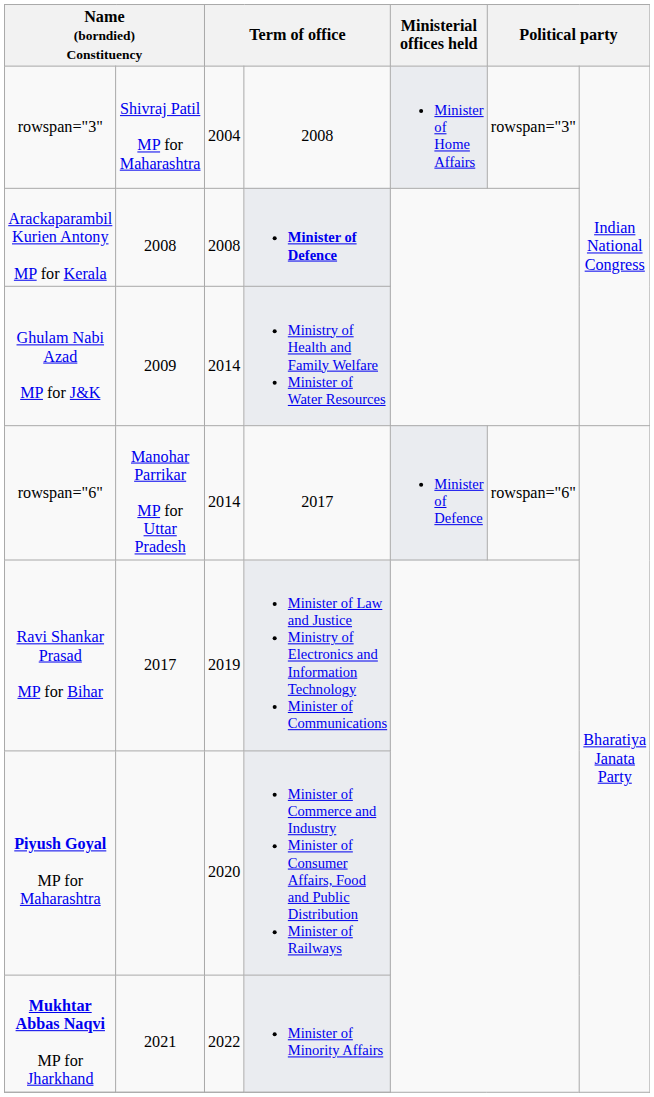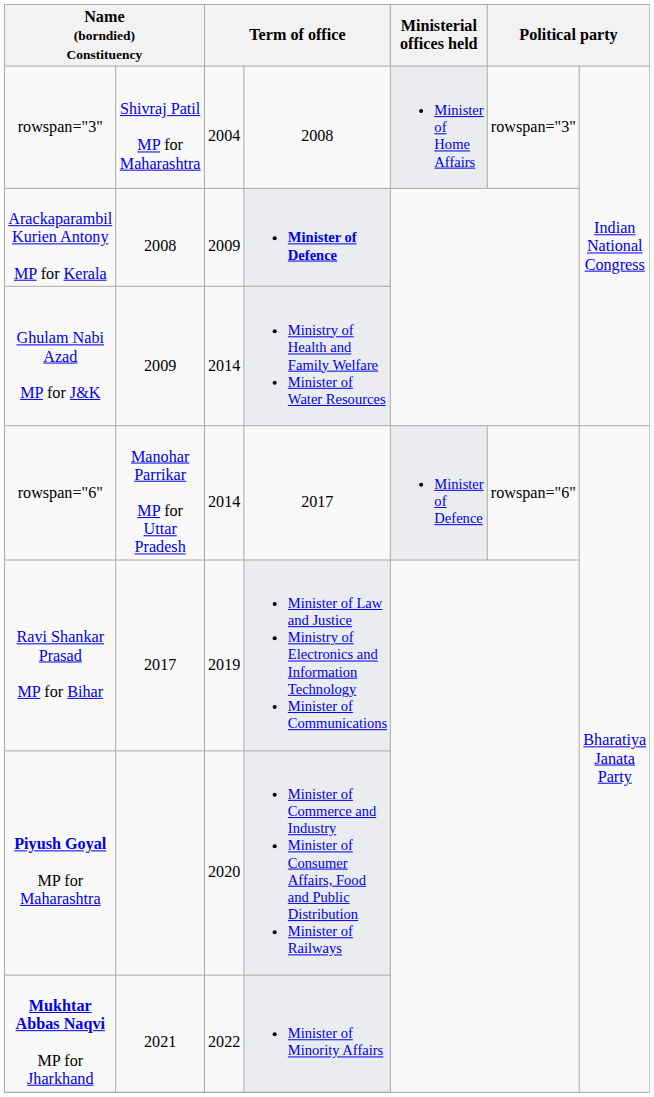 <table class=wikitable style="text-align:center">
 <tr>
 <th colspan="2">Name<br><small>(borndied)<br>Constituency</small></th>
 <th colspan="2">Term of office</th>
 <th>Ministerial offices held</th>
 <th colspan="2">Political party</th>
 </tr>
 <tr>
 <td>rowspan="3" </td>
 <td><br> <a href='#'>Shivraj Patil</a><br><br><a href='#'>MP</a> for <a href='#'>Maharashtra</a></td>
 <td><br>2004</td>
 <td><br>2008</td>
 <td align="left"  style="background:#eaecf0; font-size:90%"><br><ul><li><a href='#'>Minister of Home Affairs</a></li></ul></td>
 <td>rowspan="3" </td>
 <td rowspan="3"> <a href='#'>Indian National Congress</a></td>
 </tr>
 <tr>
 <td><br> <a href='#'>Arackaparambil Kurien Antony</a><br><br><a href='#'>MP</a> for <a href='#'>Kerala</a></td>
 <td><br>2008</td>
-<td><br>2008</td>
+<td><br>2009</td>
 <td align="left" style="background:#eaecf0; font-size:90%"><strong><br><ul><li><a href='#'>Minister of Defence</a></li></ul></strong></td>
 </tr>
 <tr>
 <td><br> <a href='#'>Ghulam Nabi Azad</a><br><br><a href='#'>MP</a> for <a href='#'>J&K</a></td>
 <td><br>2009</td>
 <td><br>2014</td>
 <td align="left" style="background:#eaecf0; font-size:90%"><br><ul><li><a href='#'>Ministry of Health and Family Welfare</a></li><li><a href='#'>Minister of Water Resources</a></li></ul></td>
 </tr>
 <tr>
 <td>rowspan="6" </td>
 <td><br> <a href='#'>Manohar Parrikar</a><br><br><a href='#'>MP</a> for <a href='#'>Uttar Pradesh</a></td>
 <td><br>2014</td>
 <td><br>2017</td>
 <td align="left" style="background:#eaecf0; font-size:90%"><br><ul><li><a href='#'>Minister of Defence</a></li></ul></td>
 <td>rowspan="6" </td>
 <td rowspan="6"><a href='#'>Bharatiya Janata Party</a></td>
 </tr>
 <tr>
 <td><br> <a href='#'>Ravi Shankar Prasad</a><br><br><a href='#'>MP</a> for <a href='#'>Bihar</a></td>
 <td><br>2017</td>
 <td><br>2019</td>
 <td align="left" style="background:#eaecf0; font-size:90%"><br><ul><li><a href='#'>Minister of Law and Justice</a></li><li><a href='#'>Ministry of Electronics and Information Technology</a></li><li><a href='#'>Minister of Communications</a></li></ul></td>
 </tr>
 <tr>
 <td><br> <strong><a href='#'>Piyush Goyal</a></strong><br><br>MP for <a href='#'>Maharashtra</a></td>
 <td></td>
 <td><br>2020</td>
 <td align="left" style="background:#eaecf0; font-size:90%"><br><ul><li><a href='#'>Minister of Commerce and Industry</a></li><li><a href='#'>Minister of Consumer Affairs, Food and Public Distribution</a></li><li><a href='#'>Minister of Railways</a></li></ul></td>
 </tr>
 <tr>
 <td><br> <strong><a href='#'>Mukhtar Abbas Naqvi</a></strong><br><br>MP for <a href='#'>Jharkhand</a></td>
 <td><br>2021</td>
 <td><br>2022</td>
 <td align="left" style="background:#eaecf0; font-size:90%"><br><ul><li><a href='#'>Minister of Minority Affairs</a></li></ul></td>
 </tr>
 <tr>
 </tr>
 </table>
